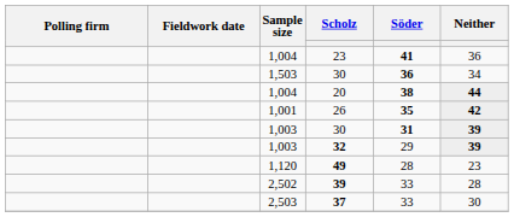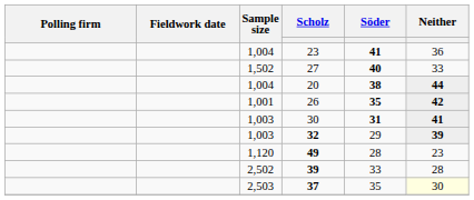 <table class="wikitable sortable mw-datatable" style="text-align:center;font-size:90%;line-height:14px;">
 <tr style="height:40px;">
 <th style="width:155px;" rowspan="2">Polling firm</th>
 <th style="width:120px;" rowspan="2">Fieldwork date</th>
 <th style="width: 35px;" rowspan="2">Sample<br>size</th>
 <th class="unsortable" style="width:70px;"><a href='#'>Scholz</a><br></th>
 <th class="unsortable" style="width:70px;"><a href='#'>Söder</a><br></th>
 <th class="unsortable" style="width:70px;">Neither</th>
 </tr>
 <tr>
 <th style="background:"></th>
 <th style="background:"></th>
 <th style="background:"></th>
 </tr>
 <tr>
 <td></td>
 <td></td>
 <td>1,004</td>
 <td>23</td>
 <td><strong>41</strong></td>
 <td>36</td>
 </tr>
 <tr>
 <td></td>
 <td></td>
-<td>1,503</td>
-<td>30</td>
-<td><strong>36</strong></td>
-<td>34</td>
+<td>1,502</td>
+<td>27</td>
+<td><strong>40</strong></td>
+<td>33</td>
 </tr>
 <tr>
 <td></td>
 <td></td>
 <td>1,004</td>
 <td>20</td>
 <td><strong>38</strong></td>
 <td style="background:#EEEEEE;"><strong>44</strong></td>
 </tr>
 <tr>
 <td></td>
 <td></td>
 <td>1,001</td>
 <td>26</td>
 <td><strong>35</strong></td>
 <td style="background:#EEEEEE;"><strong>42</strong></td>
 </tr>
 <tr>
 <td></td>
 <td></td>
 <td>1,003</td>
 <td>30</td>
 <td><strong>31</strong></td>
-<td style="background:#EEEEEE;"><strong>39</strong></td>
+<td style="background:#EEEEEE;"><strong>41</strong></td>
 </tr>
 <tr>
 <td></td>
 <td></td>
 <td>1,003</td>
 <td><strong>32</strong></td>
 <td>29</td>
 <td style="background:#EEEEEE;"><strong>39</strong></td>
 </tr>
 <tr>
 <td></td>
 <td></td>
 <td>1,120</td>
 <td><strong>49</strong></td>
 <td>28</td>
 <td>23</td>
 </tr>
 <tr>
 <td></td>
 <td></td>
 <td>2,502</td>
 <td><strong>39</strong></td>
 <td>33</td>
 <td>28</td>
 </tr>
 <tr>
 <td></td>
 <td></td>
 <td>2,503</td>
 <td><strong>37</strong></td>
-<td>33</td>
-<td>30</td>
+<td>35</td>
+<td style="background: lightyellow;">30</td>
 </tr>
 <tr>
 </tr>
 </table>
